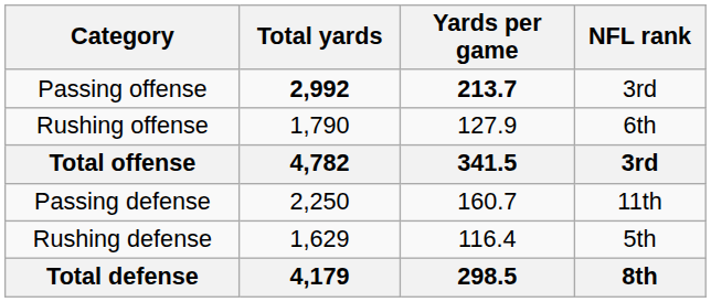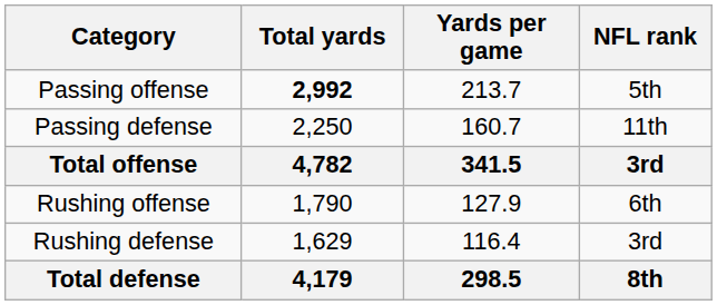 <table class="wikitable" style="text-align:center">
 <tr>
 <th width=150px>Category</th>
 <th width=100px>Total yards</th>
 <th width=110px>Yards per game</th>
 <th width=80px>NFL rank<br></th>
 </tr>
 <tr>
 <td>Passing offense</td>
 <td><strong>2,992</strong></td>
-<td><strong>213.7</strong></td>
-<td>3rd</td>
+<td>213.7</td>
+<td>5th</td>
+</tr>
+<tr>
+<td>Passing defense</td>
+<td>2,250</td>
+<td>160.7</td>
+<td>11th</td>
+</tr>
+<tr>
+<th>Total offense</th>
+<th>4,782</th>
+<th>341.5</th>
+<th>3rd</th>
 </tr>
 <tr>
 <td>Rushing offense</td>
 <td>1,790</td>
 <td>127.9</td>
 <td>6th</td>
 </tr>
 <tr>
-<th>Total offense</th>
-<th>4,782</th>
-<th>341.5</th>
-<th>3rd</th>
-</tr>
-<tr>
-<td>Passing defense</td>
-<td>2,250</td>
-<td>160.7</td>
-<td>11th</td>
-</tr>
-<tr>
 <td>Rushing defense</td>
 <td>1,629</td>
 <td>116.4</td>
-<td>5th</td>
+<td>3rd</td>
 </tr>
 <tr>
 <th>Total defense</th>
 <th>4,179</th>
 <th>298.5</th>
 <th>8th</th>
 </tr>
 </table>
